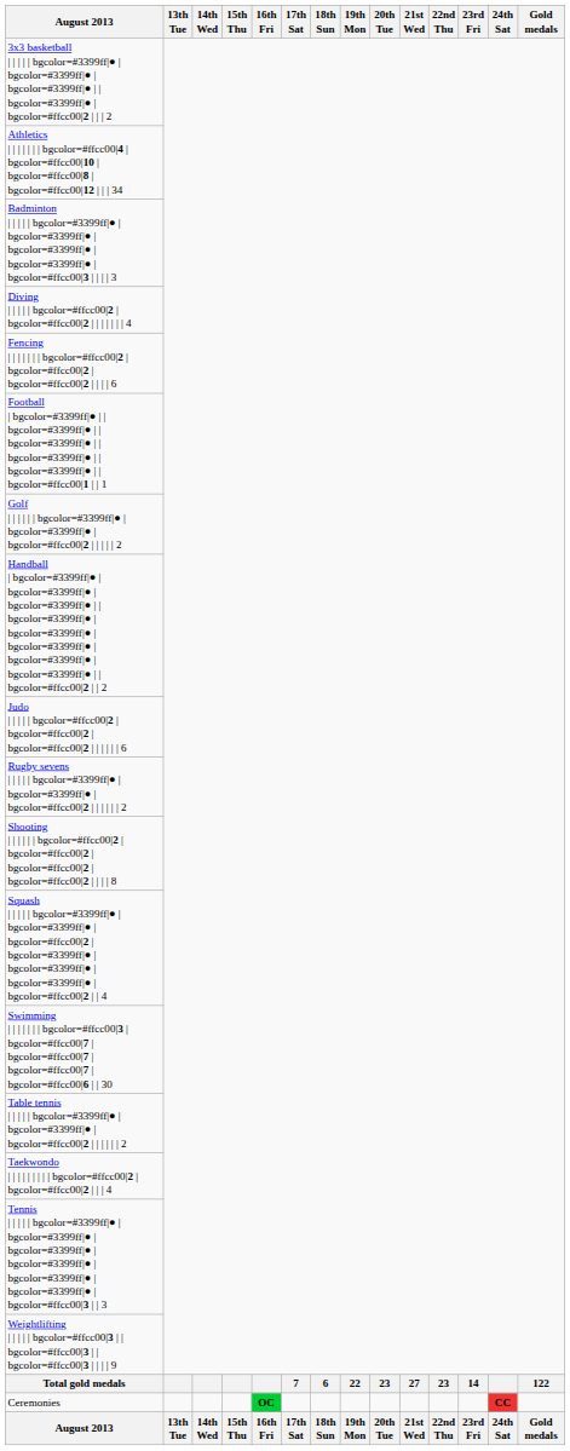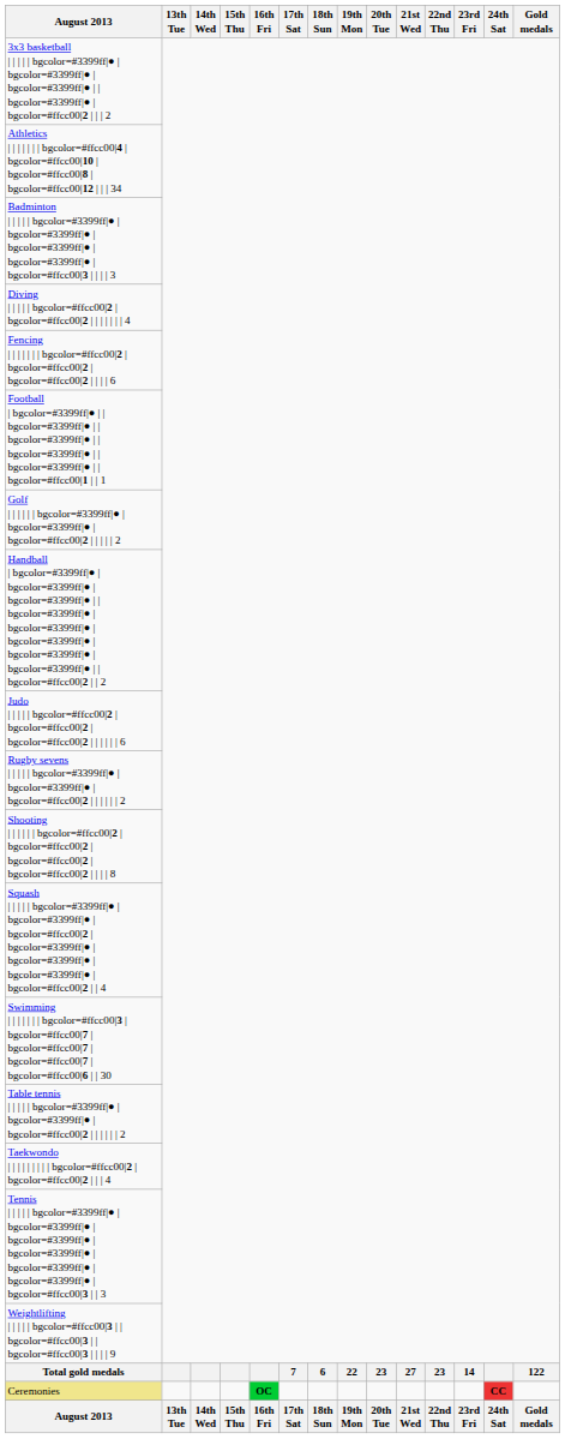 <table class="wikitable" style="margin:0.5em auto; font-size:90%; line-height:1.25em;">
 <tr>
 <th width=200>August 2013</th>
 <th width=32>13th<br>Tue</th>
 <th width=32>14th<br>Wed</th>
 <th width=32>15th<br>Thu</th>
 <th width=32>16th<br>Fri</th>
 <th width=32>17th<br>Sat</th>
 <th width=32>18th<br>Sun</th>
 <th width=32>19th<br>Mon</th>
 <th width=32>20th<br>Tue</th>
 <th width=32>21st<br>Wed</th>
 <th width=32>22nd<br>Thu</th>
 <th width=32>23rd<br>Fri</th>
 <th width=32>24th<br>Sat</th>
 <th width=55>Gold<br>medals</th>
 </tr>
 <tr align="center">
 <td align="left"> <a href='#'>3x3 basketball</a><br>|  |  |  |  | bgcolor=#3399ff|● | bgcolor=#3399ff|● | bgcolor=#3399ff|● |  | bgcolor=#3399ff|● | bgcolor=#ffcc00|<strong>2</strong> |  | | 2</td>
 </tr>
 <tr align="center">
 <td align="left"> <a href='#'>Athletics</a><br>|  |  |  |  |  |  | bgcolor=#ffcc00|<strong>4</strong> | bgcolor=#ffcc00|<strong>10</strong> | bgcolor=#ffcc00|<strong>8</strong> | bgcolor=#ffcc00|<strong>12</strong> |  | | 34</td>
 </tr>
 <tr align="center">
 <td align="left"> <a href='#'>Badminton</a><br>|  |  |  |  | bgcolor=#3399ff|● | bgcolor=#3399ff|● | bgcolor=#3399ff|● | bgcolor=#3399ff|● | bgcolor=#ffcc00|<strong>3</strong> |  |  | | 3</td>
 </tr>
 <tr align="center">
 <td align="left"> <a href='#'>Diving</a><br>|  |  |  |  | bgcolor=#ffcc00|<strong>2</strong> | bgcolor=#ffcc00|<strong>2</strong> |  |  |  |  |  | | 4</td>
 </tr>
 <tr align="center">
 <td align="left"> <a href='#'>Fencing</a><br>|  |  |  |  |  |  | bgcolor=#ffcc00|<strong>2</strong> | bgcolor=#ffcc00|<strong>2</strong> | bgcolor=#ffcc00|<strong>2</strong> |  |  | | 6</td>
 </tr>
 <tr align="center">
 <td align="left"> <a href='#'>Football</a><br>| bgcolor=#3399ff|● |  | bgcolor=#3399ff|● |  | bgcolor=#3399ff|● |  | bgcolor=#3399ff|● |  | bgcolor=#3399ff|● |  | bgcolor=#ffcc00|<strong>1</strong> | | 1</td>
 </tr>
 <tr align="center">
 <td align="left"> <a href='#'>Golf</a><br>|  |  |  |  |  | bgcolor=#3399ff|● | bgcolor=#3399ff|● | bgcolor=#ffcc00|<strong>2</strong> |  |  |  | | 2</td>
 </tr>
 <tr align="center">
 <td align="left"> <a href='#'>Handball</a><br>| bgcolor=#3399ff|● | bgcolor=#3399ff|● | bgcolor=#3399ff|● |  | bgcolor=#3399ff|● | bgcolor=#3399ff|● | bgcolor=#3399ff|● | bgcolor=#3399ff|● | bgcolor=#3399ff|● |  | bgcolor=#ffcc00|<strong>2</strong> | | 2</td>
 </tr>
 <tr align="center">
 <td align="left"> <a href='#'>Judo</a><br>|  |  |  |  | bgcolor=#ffcc00|<strong>2</strong> | bgcolor=#ffcc00|<strong>2</strong> | bgcolor=#ffcc00|<strong>2</strong> |  |  |  |  | | 6</td>
 </tr>
 <tr align="center">
 <td align="left"> <a href='#'>Rugby sevens</a><br>|  |  |  |  | bgcolor=#3399ff|● | bgcolor=#3399ff|● | bgcolor=#ffcc00|<strong>2</strong> |  |  |  |  | | 2</td>
 </tr>
 <tr align="center">
 <td align="left"> <a href='#'>Shooting</a><br>|  |  |  |  |  | bgcolor=#ffcc00|<strong>2</strong> | bgcolor=#ffcc00|<strong>2</strong> | bgcolor=#ffcc00|<strong>2</strong> | bgcolor=#ffcc00|<strong>2</strong> |  |  | | 8</td>
 </tr>
 <tr align="center">
 <td align="left"> <a href='#'>Squash</a><br>|  |  |  |  | bgcolor=#3399ff|● | bgcolor=#3399ff|● | bgcolor=#ffcc00|<strong>2</strong> | bgcolor=#3399ff|● | bgcolor=#3399ff|● | bgcolor=#3399ff|● | bgcolor=#ffcc00|<strong>2</strong> | | 4</td>
 </tr>
 <tr align="center">
 <td align="left"> <a href='#'>Swimming</a><br>|  |  |  |  |  |  | bgcolor=#ffcc00|<strong>3</strong> | bgcolor=#ffcc00|<strong>7</strong> | bgcolor=#ffcc00|<strong>7</strong> | bgcolor=#ffcc00|<strong>7</strong> | bgcolor=#ffcc00|<strong>6</strong> | | 30</td>
 </tr>
 <tr align="center">
 <td align="left"> <a href='#'>Table tennis</a><br>|  |  |  |  | bgcolor=#3399ff|● | bgcolor=#3399ff|● | bgcolor=#ffcc00|<strong>2</strong> |  |  |  |  | | 2</td>
 </tr>
 <tr align="center">
 <td align="left"> <a href='#'>Taekwondo</a><br>|  |  |  |  | |  | |  | bgcolor=#ffcc00|<strong>2</strong> | bgcolor=#ffcc00|<strong>2</strong> |  | | 4</td>
 </tr>
 <tr align="center">
 <td align="left"> <a href='#'>Tennis</a><br>|  |  |  |  | bgcolor=#3399ff|● | bgcolor=#3399ff|● | bgcolor=#3399ff|● | bgcolor=#3399ff|● | bgcolor=#3399ff|● | bgcolor=#3399ff|● | bgcolor=#ffcc00|<strong>3</strong> |  | 3</td>
 </tr>
 <tr align="center">
 <td align="left"> <a href='#'>Weightlifting</a><br>|  |  |  |  | bgcolor=#ffcc00|<strong>3</strong> |  | bgcolor=#ffcc00|<strong>3</strong> |  | bgcolor=#ffcc00|<strong>3</strong> |  |  | | 9</td>
 </tr>
 <tr>
 <th>Total gold medals</th>
 <th></th>
 <th></th>
 <th></th>
 <th></th>
 <th>7</th>
 <th>6</th>
 <th>22</th>
 <th>23</th>
 <th>27</th>
 <th>23</th>
 <th>14</th>
 <th></th>
 <th>122</th>
 </tr>
 <tr>
-<td>Ceremonies</td>
+<td style="background: khaki;">Ceremonies</td>
 <td></td>
 <td></td>
 <td></td>
 <td bgcolor=#00cc33 align=center><strong>OC</strong></td>
 <td></td>
 <td></td>
 <td></td>
 <td></td>
 <td></td>
 <td></td>
 <td></td>
 <td bgcolor=#ee3333 align=center><strong>CC</strong></td>
 <td></td>
 </tr>
 <tr>
 <th width=200>August 2013</th>
 <th width=32>13th<br>Tue</th>
 <th width=32>14th<br>Wed</th>
 <th width=32>15th<br>Thu</th>
 <th width=32>16th<br>Fri</th>
 <th width=32>17th<br>Sat</th>
 <th width=32>18th<br>Sun</th>
 <th width=32>19th<br>Mon</th>
 <th width=32>20th<br>Tue</th>
 <th width=32>21st<br>Wed</th>
 <th width=32>22nd<br>Thu</th>
 <th width=32>23rd<br>Fri</th>
 <th width=32>24th<br>Sat</th>
 <th width=55>Gold<br>medals</th>
 </tr>
 </table>
